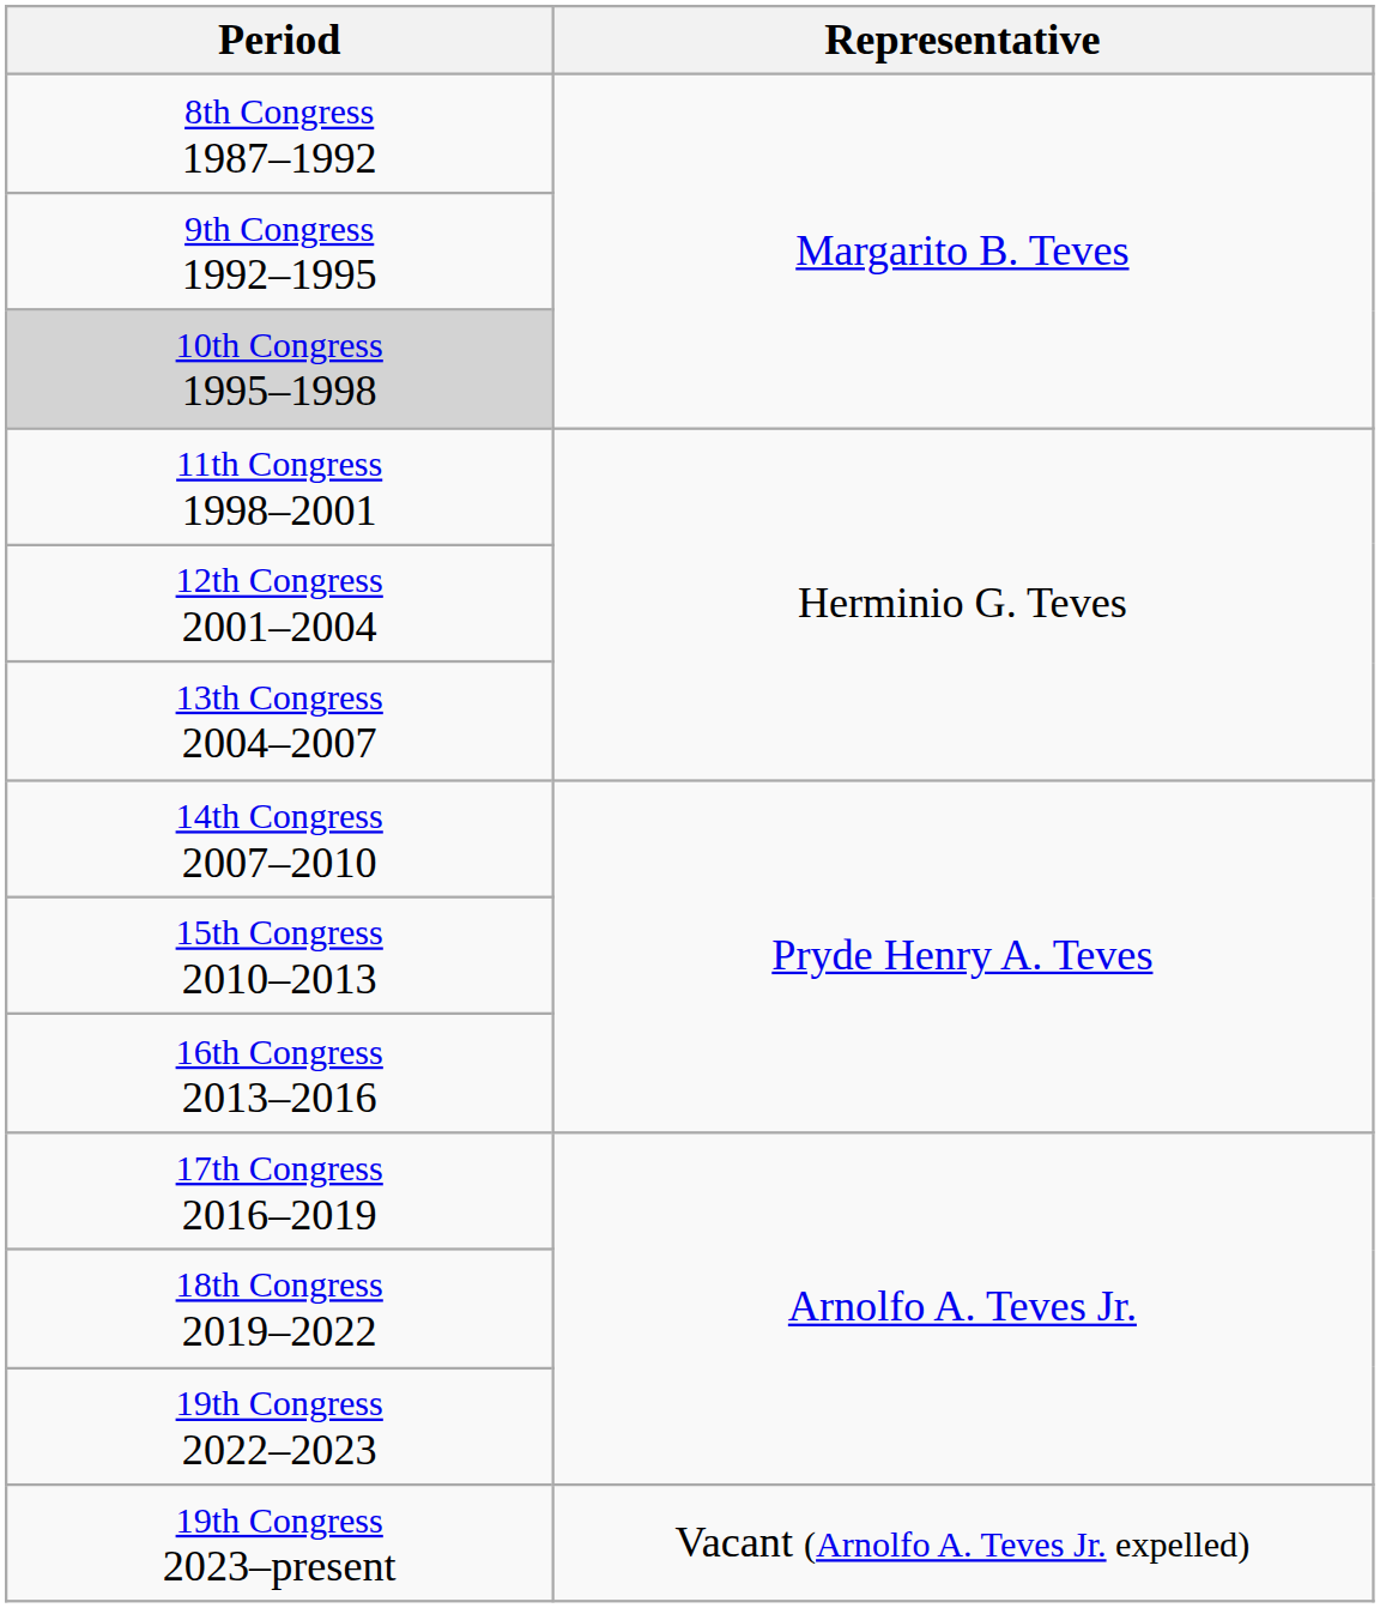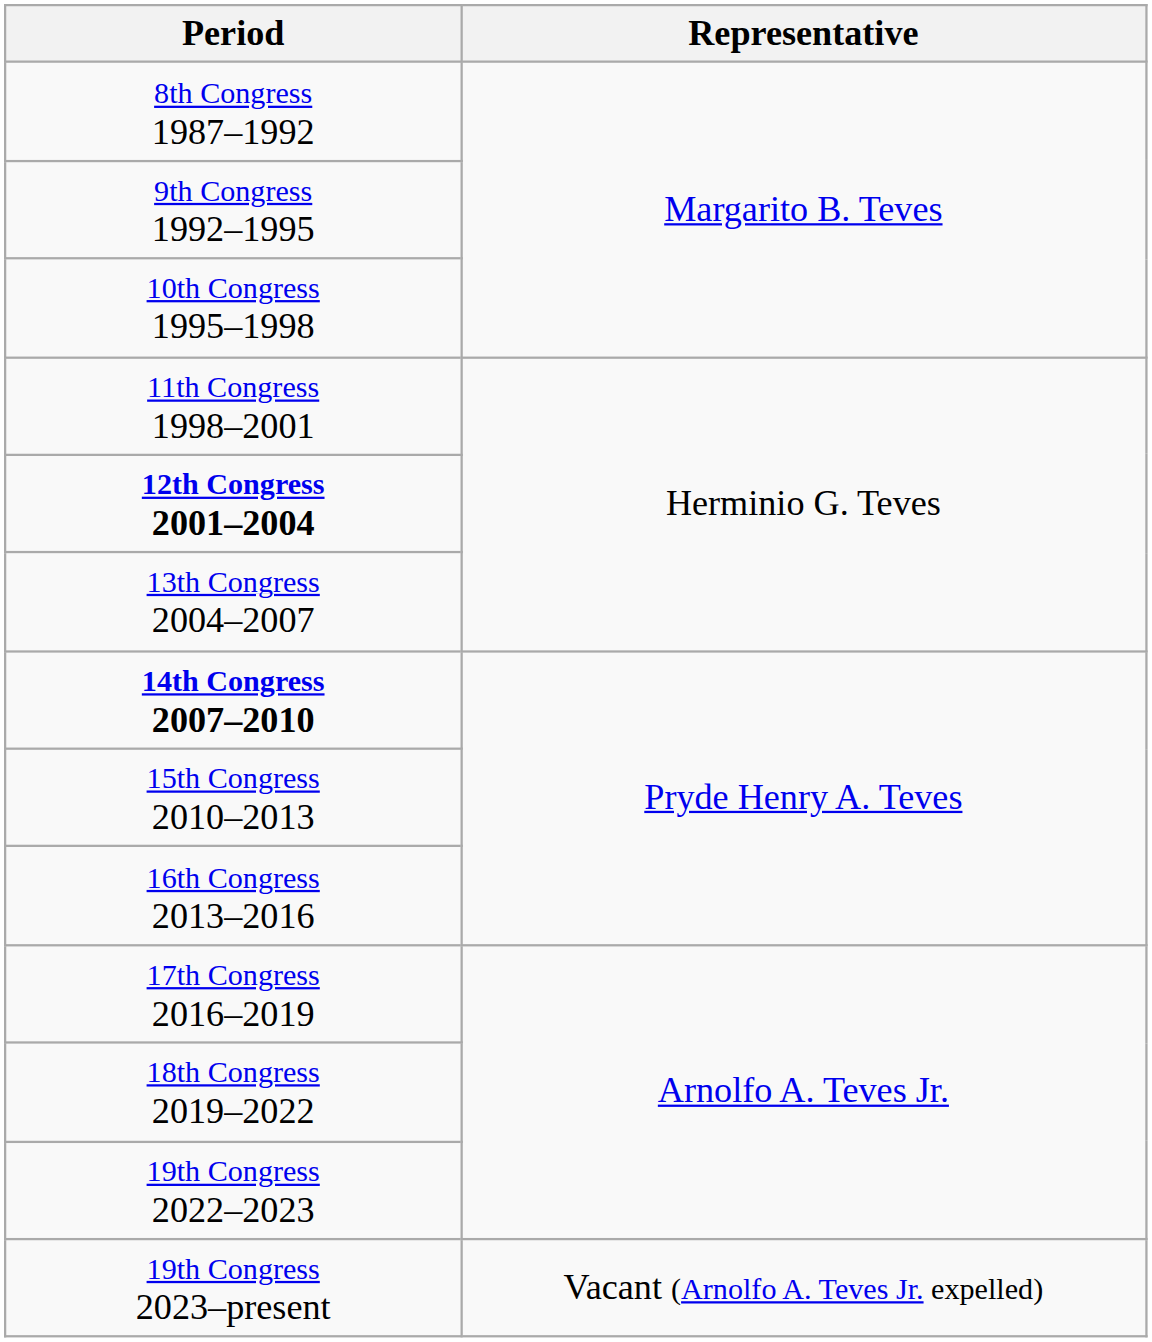 <table class="wikitable" style="text-align:center; width:40%;">
 <tr>
 <th width="40%">Period</th>
 <th>Representative</th>
 </tr>
 <tr>
 <td><small><a href='#'>8th Congress</a></small><br>1987–1992</td>
 <td rowspan="3"><a href='#'>Margarito B. Teves</a></td>
 </tr>
 <tr>
 <td><small><a href='#'>9th Congress</a></small><br>1992–1995</td>
 </tr>
 <tr>
-<td style="background: lightgrey;"><small><a href='#'>10th Congress</a></small><br>1995–1998</td>
+<td><small><a href='#'>10th Congress</a></small><br>1995–1998</td>
 </tr>
 <tr>
 <td><small><a href='#'>11th Congress</a></small><br>1998–2001</td>
 <td rowspan="3">Herminio G. Teves</td>
 </tr>
 <tr>
-<td><small><a href='#'>12th Congress</a></small><br>2001–2004</td>
+<td><strong><small><a href='#'>12th Congress</a></small><br>2001–2004</strong></td>
 </tr>
 <tr>
 <td><small><a href='#'>13th Congress</a></small><br>2004–2007</td>
 </tr>
 <tr>
-<td><small><a href='#'>14th Congress</a></small><br>2007–2010</td>
+<td><strong><small><a href='#'>14th Congress</a></small><br>2007–2010</strong></td>
 <td rowspan="3"><a href='#'>Pryde Henry A. Teves</a></td>
 </tr>
 <tr>
 <td><small><a href='#'>15th Congress</a></small><br>2010–2013</td>
 </tr>
 <tr>
 <td><small><a href='#'>16th Congress</a></small><br>2013–2016</td>
 </tr>
 <tr>
 <td><small><a href='#'>17th Congress</a></small><br>2016–2019</td>
 <td rowspan="3"><a href='#'>Arnolfo A. Teves Jr.</a></td>
 </tr>
 <tr>
 <td><small><a href='#'>18th Congress</a></small><br>2019–2022</td>
 </tr>
 <tr>
 <td><small><a href='#'>19th Congress</a></small><br>2022–2023</td>
 </tr>
 <tr>
 <td><small><a href='#'>19th Congress</a></small><br>2023–present</td>
 <td rowspan="3">Vacant <small>(<a href='#'>Arnolfo A. Teves Jr.</a> expelled)</small> <br> </td>
 </tr>
 </table>
